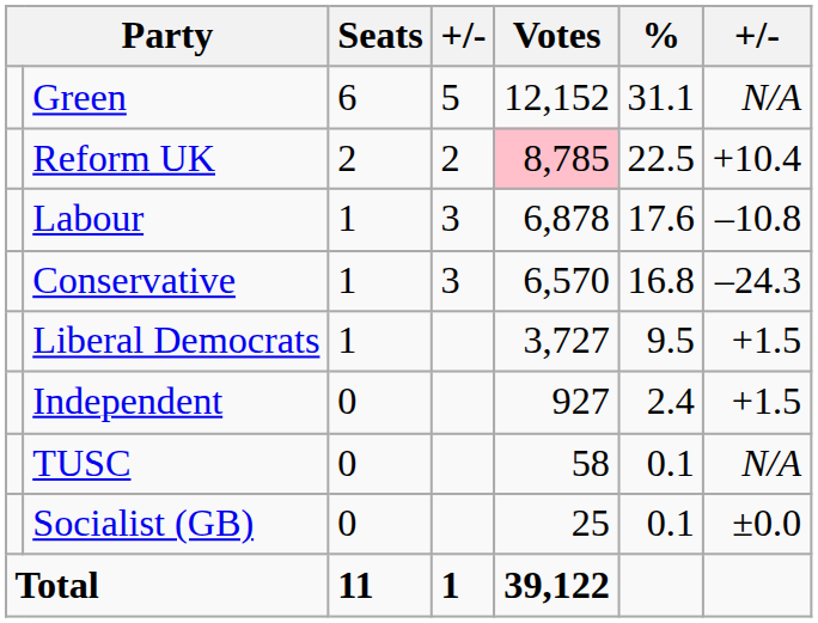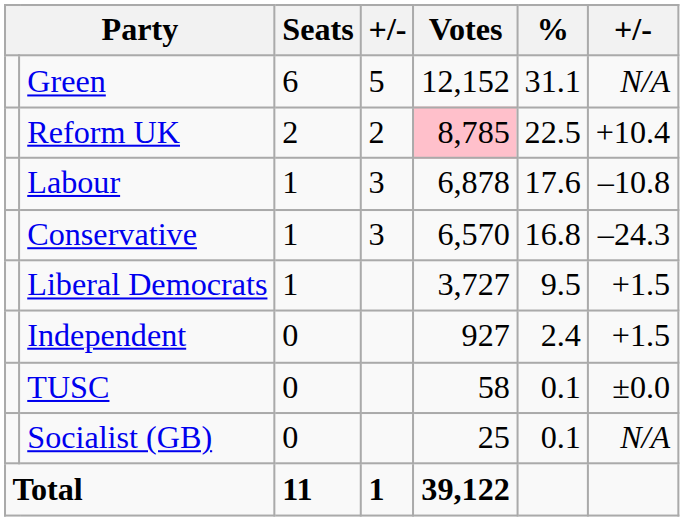 <table class="wikitable sortable">
 <tr>
 <th colspan="2">Party</th>
 <th>Seats</th>
 <th>+/-</th>
 <th>Votes</th>
 <th>%</th>
 <th>+/-</th>
 </tr>
 <tr>
 <td style="background-color: "></td>
 <td><a href='#'>Green</a></td>
 <td>6</td>
 <td> 5</td>
 <td style="text-align:right;">12,152</td>
 <td style="text-align:right;">31.1</td>
 <td style="text-align:right;"><em>N/A</em></td>
 </tr>
 <tr>
 <td style="background-color: "></td>
 <td><a href='#'>Reform UK</a></td>
 <td>2</td>
 <td> 2</td>
 <td style="background: pink; text-align:right;">8,785</td>
 <td style="text-align:right;">22.5</td>
 <td style="text-align:right;">+10.4</td>
 </tr>
 <tr>
 <td style="background-color: "></td>
 <td><a href='#'>Labour</a></td>
 <td>1</td>
 <td> 3</td>
 <td style="text-align:right;">6,878</td>
 <td style="text-align:right;">17.6</td>
 <td style="text-align:right;">–10.8</td>
 </tr>
 <tr>
 <td style="background-color: "></td>
 <td><a href='#'>Conservative</a></td>
 <td>1</td>
 <td> 3</td>
 <td style="text-align:right;">6,570</td>
 <td style="text-align:right;">16.8</td>
 <td style="text-align:right;">–24.3</td>
 </tr>
 <tr>
 <td style="background-color: "></td>
 <td><a href='#'>Liberal Democrats</a></td>
 <td>1</td>
 <td></td>
 <td style="text-align:right;">3,727</td>
 <td style="text-align:right;">9.5</td>
 <td style="text-align:right;">+1.5</td>
 </tr>
 <tr>
 <td style="background-color: "></td>
 <td><a href='#'>Independent</a></td>
 <td>0</td>
 <td></td>
 <td style="text-align:right;">927</td>
 <td style="text-align:right;">2.4</td>
 <td style="text-align:right;">+1.5</td>
 </tr>
 <tr>
 <td style="background-color: "></td>
 <td><a href='#'>TUSC</a></td>
 <td>0</td>
 <td></td>
 <td style="text-align:right;">58</td>
 <td style="text-align:right;">0.1</td>
-<td style="text-align:right;"><em>N/A</em></td>
+<td style="text-align:right;">±0.0</td>
 </tr>
 <tr>
 <td style="background-color: "></td>
 <td><a href='#'>Socialist (GB)</a></td>
 <td>0</td>
 <td></td>
 <td style="text-align:right;">25</td>
 <td style="text-align:right;">0.1</td>
-<td style="text-align:right;">±0.0</td>
+<td style="text-align:right;"><em>N/A</em></td>
 </tr>
 <tr>
 <td colspan="2"><strong>Total</strong></td>
 <td><strong>11</strong></td>
 <td> <strong>1</strong></td>
 <td style="text-align:right;"><strong>39,122</strong></td>
 <td style="text-align:right;"></td>
 <td style="text-align:right;"></td>
 </tr>
 </table>
